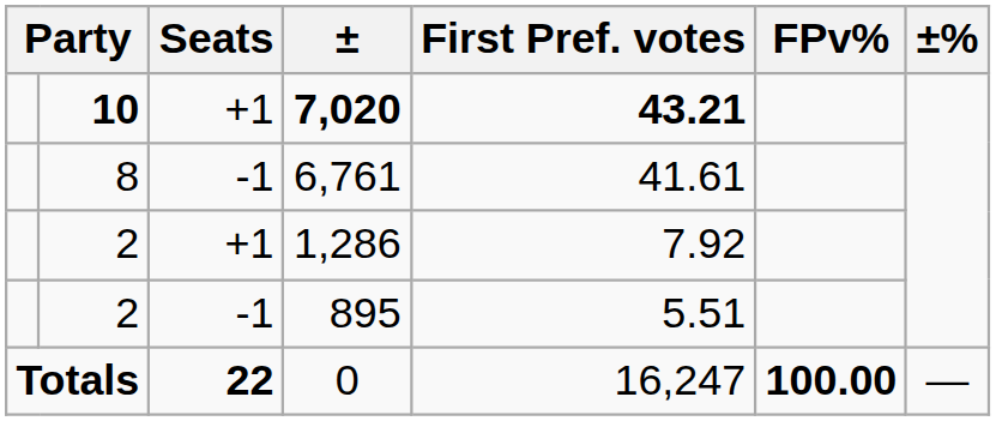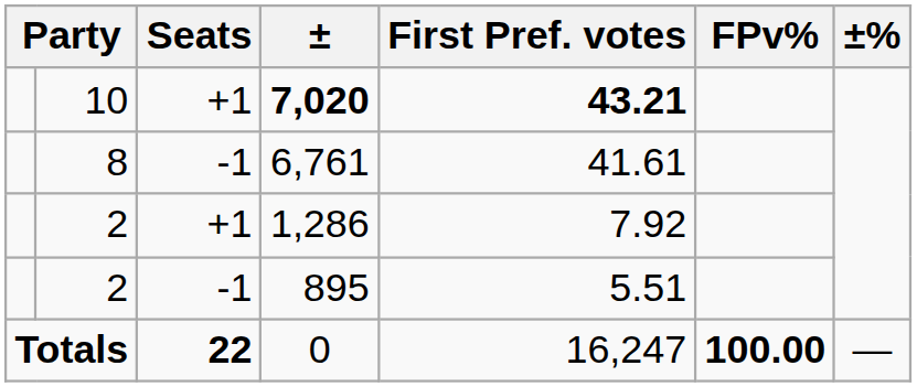 <table class=wikitable>
 <tr>
 <th colspan=2 align=center>Party</th>
 <th valign=top>Seats</th>
 <th valign=top>±</th>
 <th valign=top>First Pref. votes</th>
 <th valign=top>FPv%</th>
 <th valign=top>±%</th>
 </tr>
 <tr>
 <td></td>
-<td align=right><strong>10</strong></td>
+<td align=right>10</td>
 <td align=right>+1</td>
 <td align=right><strong>7,020</strong></td>
 <td align=right><strong>43.21</strong></td>
 <td align=right></td>
 </tr>
 <tr>
 <td></td>
 <td align=right>8</td>
 <td align=right>-1</td>
 <td align=right>6,761</td>
 <td align=right>41.61</td>
 <td align=right></td>
 </tr>
 <tr>
 <td></td>
 <td align=right>2</td>
 <td align=right>+1</td>
 <td align=right>1,286</td>
 <td align=right>7.92</td>
 <td align=right></td>
 </tr>
 <tr>
 <td></td>
 <td align=right>2</td>
 <td align=right>-1</td>
 <td align=right>895</td>
 <td align=right>5.51</td>
 <td align=right></td>
 </tr>
 <tr>
 <td colspan=2 align=center><strong>Totals</strong></td>
 <td align=right><strong>22</strong></td>
 <td align=center>0</td>
 <td align=right>16,247</td>
 <td align=center><strong>100.00</strong></td>
 <td align=center>—</td>
 </tr>
 </table>
